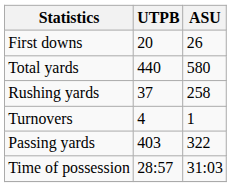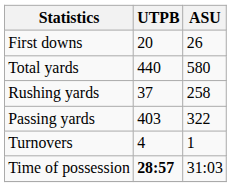 <table class="wikitable" style="float: left;">
 <tr>
 <th>Statistics</th>
 <th>UTPB</th>
 <th>ASU</th>
 </tr>
 <tr>
 <td>First downs</td>
 <td>20</td>
 <td>26</td>
 </tr>
 <tr>
 <td>Total yards</td>
 <td>440</td>
 <td>580</td>
 </tr>
 <tr>
 <td>Rushing yards</td>
 <td>37</td>
 <td>258</td>
 </tr>
 <tr>
+<td>Passing yards</td>
+<td>403</td>
+<td>322</td>
+</tr>
+<tr>
 <td>Turnovers</td>
 <td>4</td>
 <td>1</td>
 </tr>
 <tr>
-<td>Passing yards</td>
-<td>403</td>
-<td>322</td>
-</tr>
-<tr>
 <td>Time of possession</td>
-<td>28:57</td>
+<td><strong>28:57</strong></td>
 <td>31:03</td>
 </tr>
 <tr>
 </tr>
 </table>
